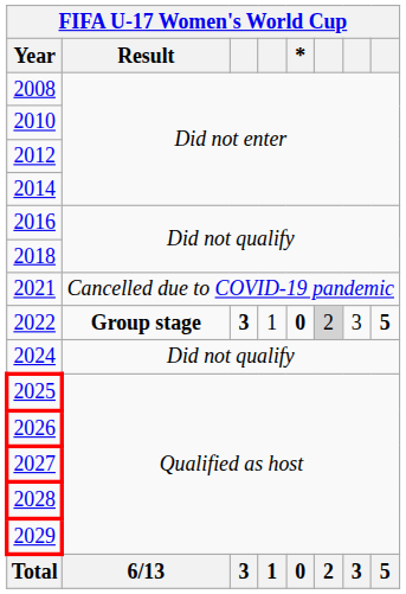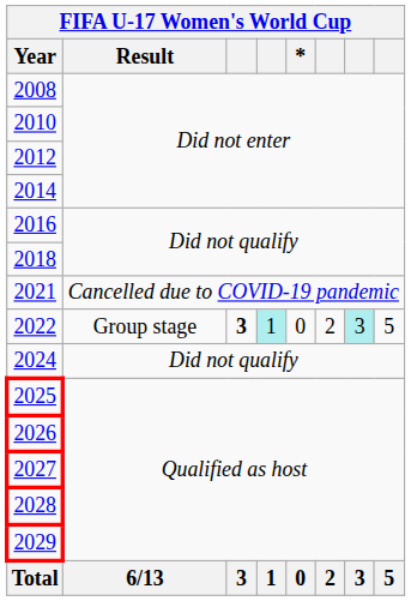 <table class="wikitable" style="text-align: center;">
 <tr>
 <th colspan=9><a href='#'>FIFA U-17 Women's World Cup</a></th>
 </tr>
 <tr>
 <th>Year</th>
 <th>Result</th>
 <th></th>
 <th></th>
 <th> *</th>
 <th></th>
 <th></th>
 <th></th>
 </tr>
 <tr>
 <td> <a href='#'>2008</a></td>
 <td rowspan=4 colspan=8><em>Did not enter</em></td>
 </tr>
 <tr>
 <td> <a href='#'>2010</a></td>
 </tr>
 <tr>
 <td> <a href='#'>2012</a></td>
 </tr>
 <tr>
 <td> <a href='#'>2014</a></td>
 </tr>
 <tr>
 <td> <a href='#'>2016</a></td>
 <td rowspan=2 colspan=8><em>Did not qualify</em></td>
 </tr>
 <tr>
 <td> <a href='#'>2018</a></td>
 </tr>
 <tr>
 <td> <a href='#'>2021</a></td>
 <td colspan="8"><em>Cancelled due to <a href='#'>COVID-19 pandemic</a></em></td>
 </tr>
 <tr>
 <td> <a href='#'>2022</a></td>
-<td><strong>Group stage</strong></td>
+<td>Group stage</td>
 <td><strong>3</strong></td>
-<td>1</td>
-<td><strong>0</strong></td>
-<td style="background: lightgrey;">2</td>
-<td>3</td>
-<td><strong>5</strong></td>
+<td style="background: paleturquoise;">1</td>
+<td>0</td>
+<td>2</td>
+<td style="background: paleturquoise;">3</td>
+<td>5</td>
 </tr>
 <tr>
 <td> <a href='#'>2024</a></td>
 <td colspan="8"><em>Did not qualify</em></td>
 </tr>
 <tr>
 <td style="border: 3px solid red"> <a href='#'>2025</a></td>
 <td colspan="8" rowspan="5"><em>Qualified as host</em></td>
 </tr>
 <tr>
 <td style="border: 3px solid red"> <a href='#'>2026</a></td>
 </tr>
 <tr>
 <td style="border: 3px solid red"> <a href='#'>2027</a></td>
 </tr>
 <tr>
 <td style="border: 3px solid red"> <a href='#'>2028</a></td>
 </tr>
 <tr>
 <td style="border: 3px solid red"> <a href='#'>2029</a></td>
 </tr>
 <tr>
 <th>Total</th>
 <th>6/13</th>
 <th>3</th>
 <th>1</th>
 <th>0</th>
 <th>2</th>
 <th>3</th>
 <th>5</th>
 </tr>
 </table>
